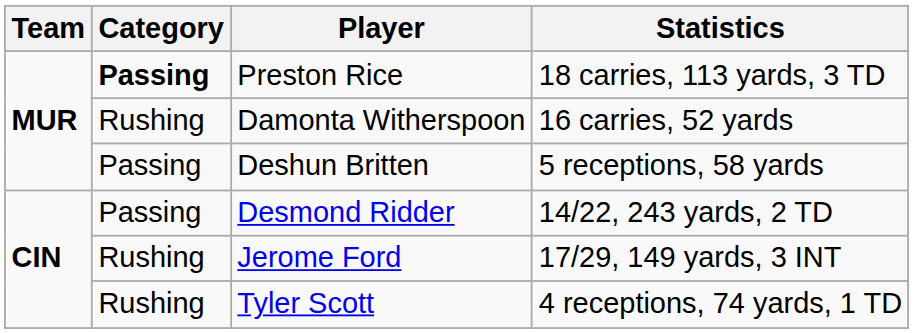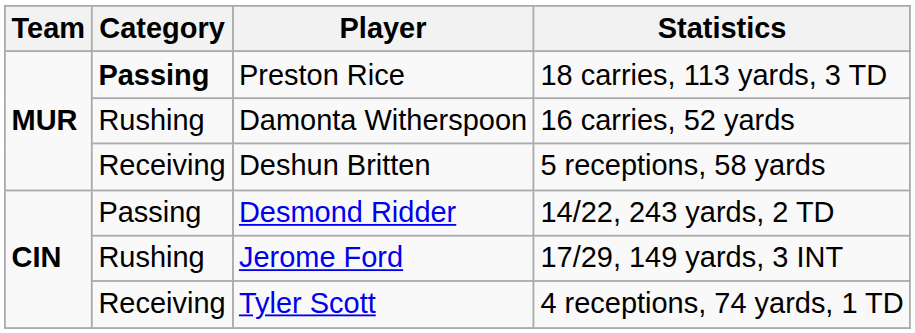 <table class="wikitable" style="float: left;">
 <tr>
 <th>Team</th>
 <th>Category</th>
 <th>Player</th>
 <th>Statistics</th>
 </tr>
 <tr>
 <td rowspan=3><strong>MUR</strong></td>
 <td><strong>Passing</strong></td>
 <td>Preston Rice</td>
 <td>18 carries, 113 yards, 3 TD</td>
 </tr>
 <tr>
 <td>Rushing</td>
 <td>Damonta Witherspoon</td>
 <td>16 carries, 52 yards</td>
 </tr>
 <tr>
-<td>Passing</td>
+<td>Receiving</td>
 <td>Deshun Britten</td>
 <td>5 receptions, 58 yards</td>
 </tr>
 <tr>
 <td rowspan=3><strong>CIN</strong></td>
 <td>Passing</td>
 <td><a href='#'>Desmond Ridder</a></td>
 <td>14/22, 243 yards, 2 TD</td>
 </tr>
 <tr>
 <td>Rushing</td>
 <td><a href='#'>Jerome Ford</a></td>
 <td>17/29, 149 yards, 3 INT</td>
 </tr>
 <tr>
-<td>Rushing</td>
+<td>Receiving</td>
 <td><a href='#'>Tyler Scott</a></td>
 <td>4 receptions, 74 yards, 1 TD</td>
 </tr>
 </table>
